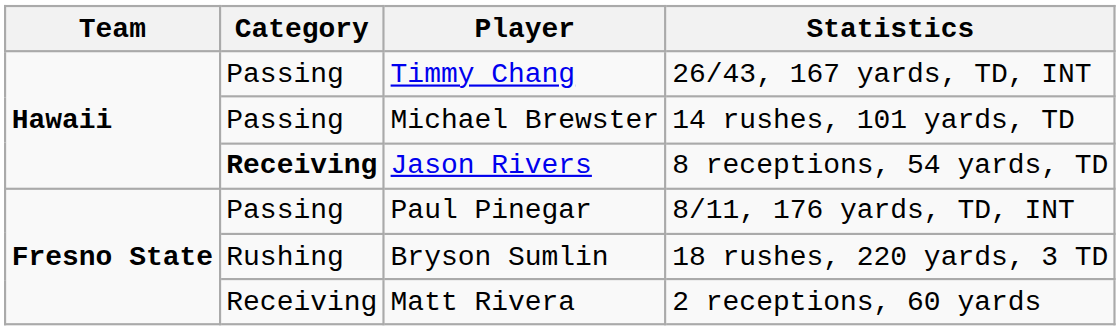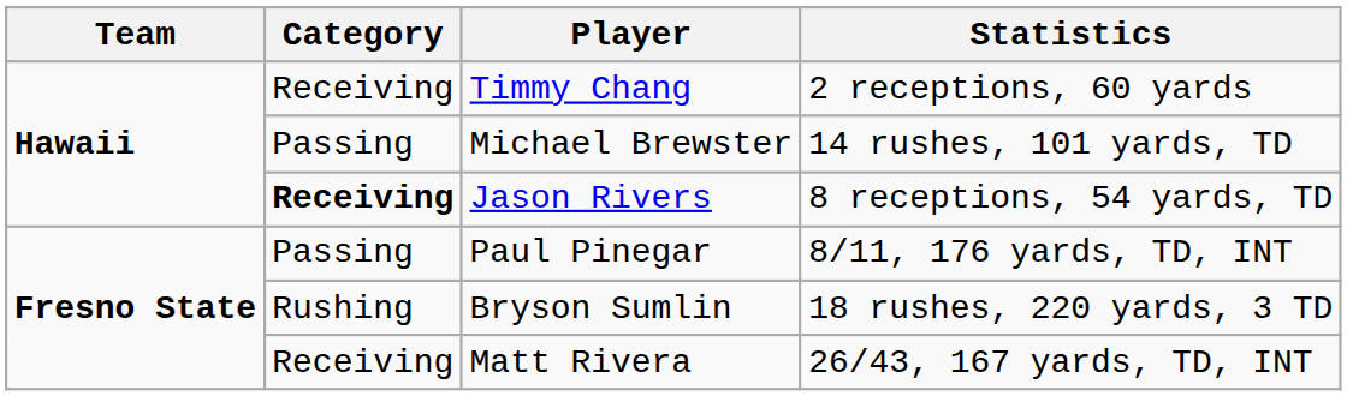 <table class="wikitable" style="float: left;">
 <tr>
 <th>Team</th>
 <th>Category</th>
 <th>Player</th>
 <th>Statistics</th>
 </tr>
 <tr>
 <td rowspan=3><strong>Hawaii</strong></td>
-<td>Passing</td>
+<td>Receiving</td>
 <td><a href='#'>Timmy Chang</a></td>
-<td>26/43, 167 yards, TD, INT</td>
+<td>2 receptions, 60 yards</td>
 </tr>
 <tr>
 <td>Passing</td>
 <td>Michael Brewster</td>
 <td>14 rushes, 101 yards, TD</td>
 </tr>
 <tr>
 <td><strong>Receiving</strong></td>
 <td><a href='#'>Jason Rivers</a></td>
 <td>8 receptions, 54 yards, TD</td>
 </tr>
 <tr>
 <td rowspan=3><strong>Fresno State</strong></td>
 <td>Passing</td>
 <td>Paul Pinegar</td>
 <td>8/11, 176 yards, TD, INT</td>
 </tr>
 <tr>
 <td>Rushing</td>
 <td>Bryson Sumlin</td>
 <td>18 rushes, 220 yards, 3 TD</td>
 </tr>
 <tr>
 <td>Receiving</td>
 <td>Matt Rivera</td>
-<td>2 receptions, 60 yards</td>
+<td>26/43, 167 yards, TD, INT</td>
 </tr>
 </table>
